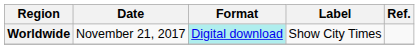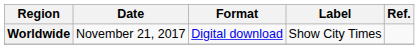 <table class="wikitable plainrowheaders">
 <tr>
 <th scope="col">Region</th>
 <th scope="col">Date</th>
 <th scope="col">Format</th>
 <th scope="col">Label</th>
 <th scope="col">Ref.</th>
 </tr>
 <tr>
 <th scope="row">Worldwide</th>
 <td>November 21, 2017</td>
-<td style="background: paleturquoise;"><a href='#'>Digital download</a></td>
+<td><a href='#'>Digital download</a></td>
 <td>Show City Times</td>
 <td></td>
 </tr>
 <tr>
 </tr>
 </table>
